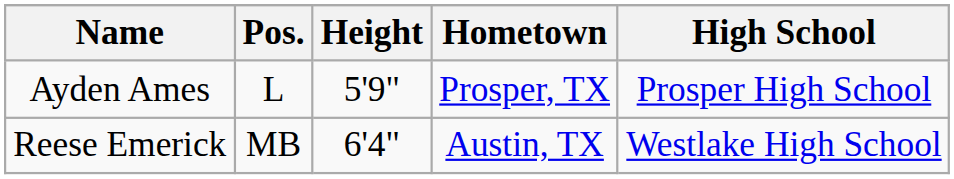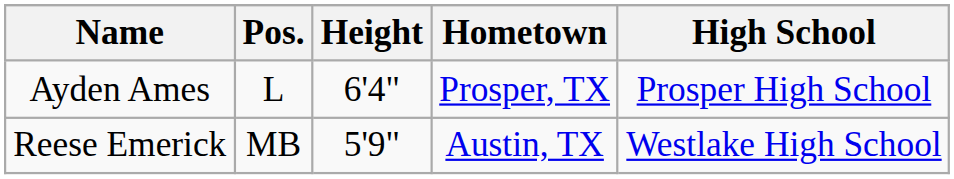 <table class="wikitable sortable collapsible">
 <tr>
 </tr>
 <tr>
 <th style="text-align:center; ">Name</th>
 <th style="text-align:center; ">Pos.</th>
 <th style="text-align:center; ">Height</th>
 <th style="text-align:center; ">Hometown</th>
 <th style="text-align:center; ">High School</th>
 </tr>
 <tr align="center">
 <td>Ayden Ames</td>
 <td>L</td>
-<td>5'9"</td>
+<td>6'4"</td>
 <td><a href='#'>Prosper, TX</a></td>
 <td><a href='#'>Prosper High School</a></td>
 </tr>
 <tr align="center">
 <td>Reese Emerick</td>
 <td>MB</td>
-<td>6'4"</td>
+<td>5'9"</td>
 <td><a href='#'>Austin, TX</a></td>
 <td><a href='#'>Westlake High School</a></td>
 </tr>
 </table>
